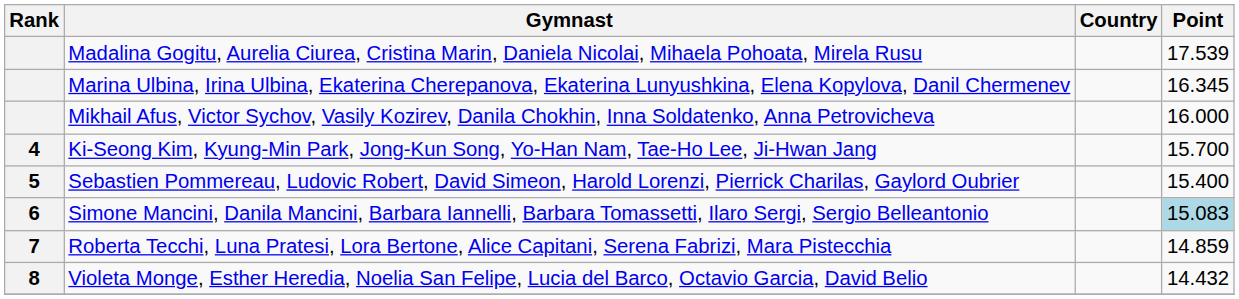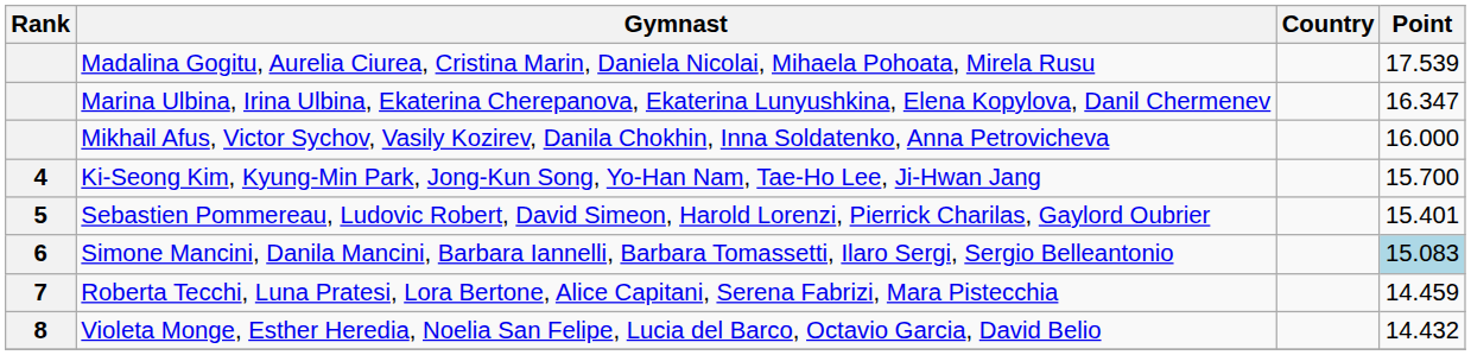 <table class="wikitable sortable">
 <tr>
 <th>Rank</th>
 <th>Gymnast</th>
 <th>Country</th>
 <th>Point</th>
 </tr>
 <tr>
 <th></th>
 <td><a href='#'>Madalina Gogitu</a>, <a href='#'>Aurelia Ciurea</a>, <a href='#'>Cristina Marin</a>, <a href='#'>Daniela Nicolai</a>, <a href='#'>Mihaela Pohoata</a>, <a href='#'>Mirela Rusu</a></td>
 <td></td>
 <td>17.539</td>
 </tr>
 <tr>
 <th></th>
 <td><a href='#'>Marina Ulbina</a>, <a href='#'>Irina Ulbina</a>, <a href='#'>Ekaterina Cherepanova</a>, <a href='#'>Ekaterina Lunyushkina</a>, <a href='#'>Elena Kopylova</a>, <a href='#'>Danil Chermenev</a></td>
 <td></td>
-<td>16.345</td>
+<td>16.347</td>
 </tr>
 <tr>
 <th></th>
 <td><a href='#'>Mikhail Afus</a>, <a href='#'>Victor Sychov</a>, <a href='#'>Vasily Kozirev</a>, <a href='#'>Danila Chokhin</a>, <a href='#'>Inna Soldatenko</a>, <a href='#'>Anna Petrovicheva</a></td>
 <td></td>
 <td>16.000</td>
 </tr>
 <tr>
 <th>4</th>
 <td><a href='#'>Ki-Seong Kim</a>, <a href='#'>Kyung-Min Park</a>, <a href='#'>Jong-Kun Song</a>, <a href='#'>Yo-Han Nam</a>, <a href='#'>Tae-Ho Lee</a>, <a href='#'>Ji-Hwan Jang</a></td>
 <td></td>
 <td>15.700</td>
 </tr>
 <tr>
 <th>5</th>
 <td><a href='#'>Sebastien Pommereau</a>, <a href='#'>Ludovic Robert</a>, <a href='#'>David Simeon</a>, <a href='#'>Harold Lorenzi</a>, <a href='#'>Pierrick Charilas</a>, <a href='#'>Gaylord Oubrier</a></td>
 <td></td>
-<td>15.400</td>
+<td>15.401</td>
 </tr>
 <tr>
 <th>6</th>
 <td><a href='#'>Simone Mancini</a>, <a href='#'>Danila Mancini</a>, <a href='#'>Barbara Iannelli</a>, <a href='#'>Barbara Tomassetti</a>, <a href='#'>Ilaro Sergi</a>, <a href='#'>Sergio Belleantonio</a></td>
 <td></td>
 <td style="background: lightblue;">15.083</td>
 </tr>
 <tr>
 <th>7</th>
 <td><a href='#'>Roberta Tecchi</a>, <a href='#'>Luna Pratesi</a>, <a href='#'>Lora Bertone</a>, <a href='#'>Alice Capitani</a>, <a href='#'>Serena Fabrizi</a>, <a href='#'>Mara Pistecchia</a></td>
 <td></td>
-<td>14.859</td>
+<td>14.459</td>
 </tr>
 <tr>
 <th>8</th>
 <td><a href='#'>Violeta Monge</a>, <a href='#'>Esther Heredia</a>, <a href='#'>Noelia San Felipe</a>, <a href='#'>Lucia del Barco</a>, <a href='#'>Octavio Garcia</a>, <a href='#'>David Belio</a></td>
 <td></td>
 <td>14.432</td>
 </tr>
 <tr>
 </tr>
 </table>
